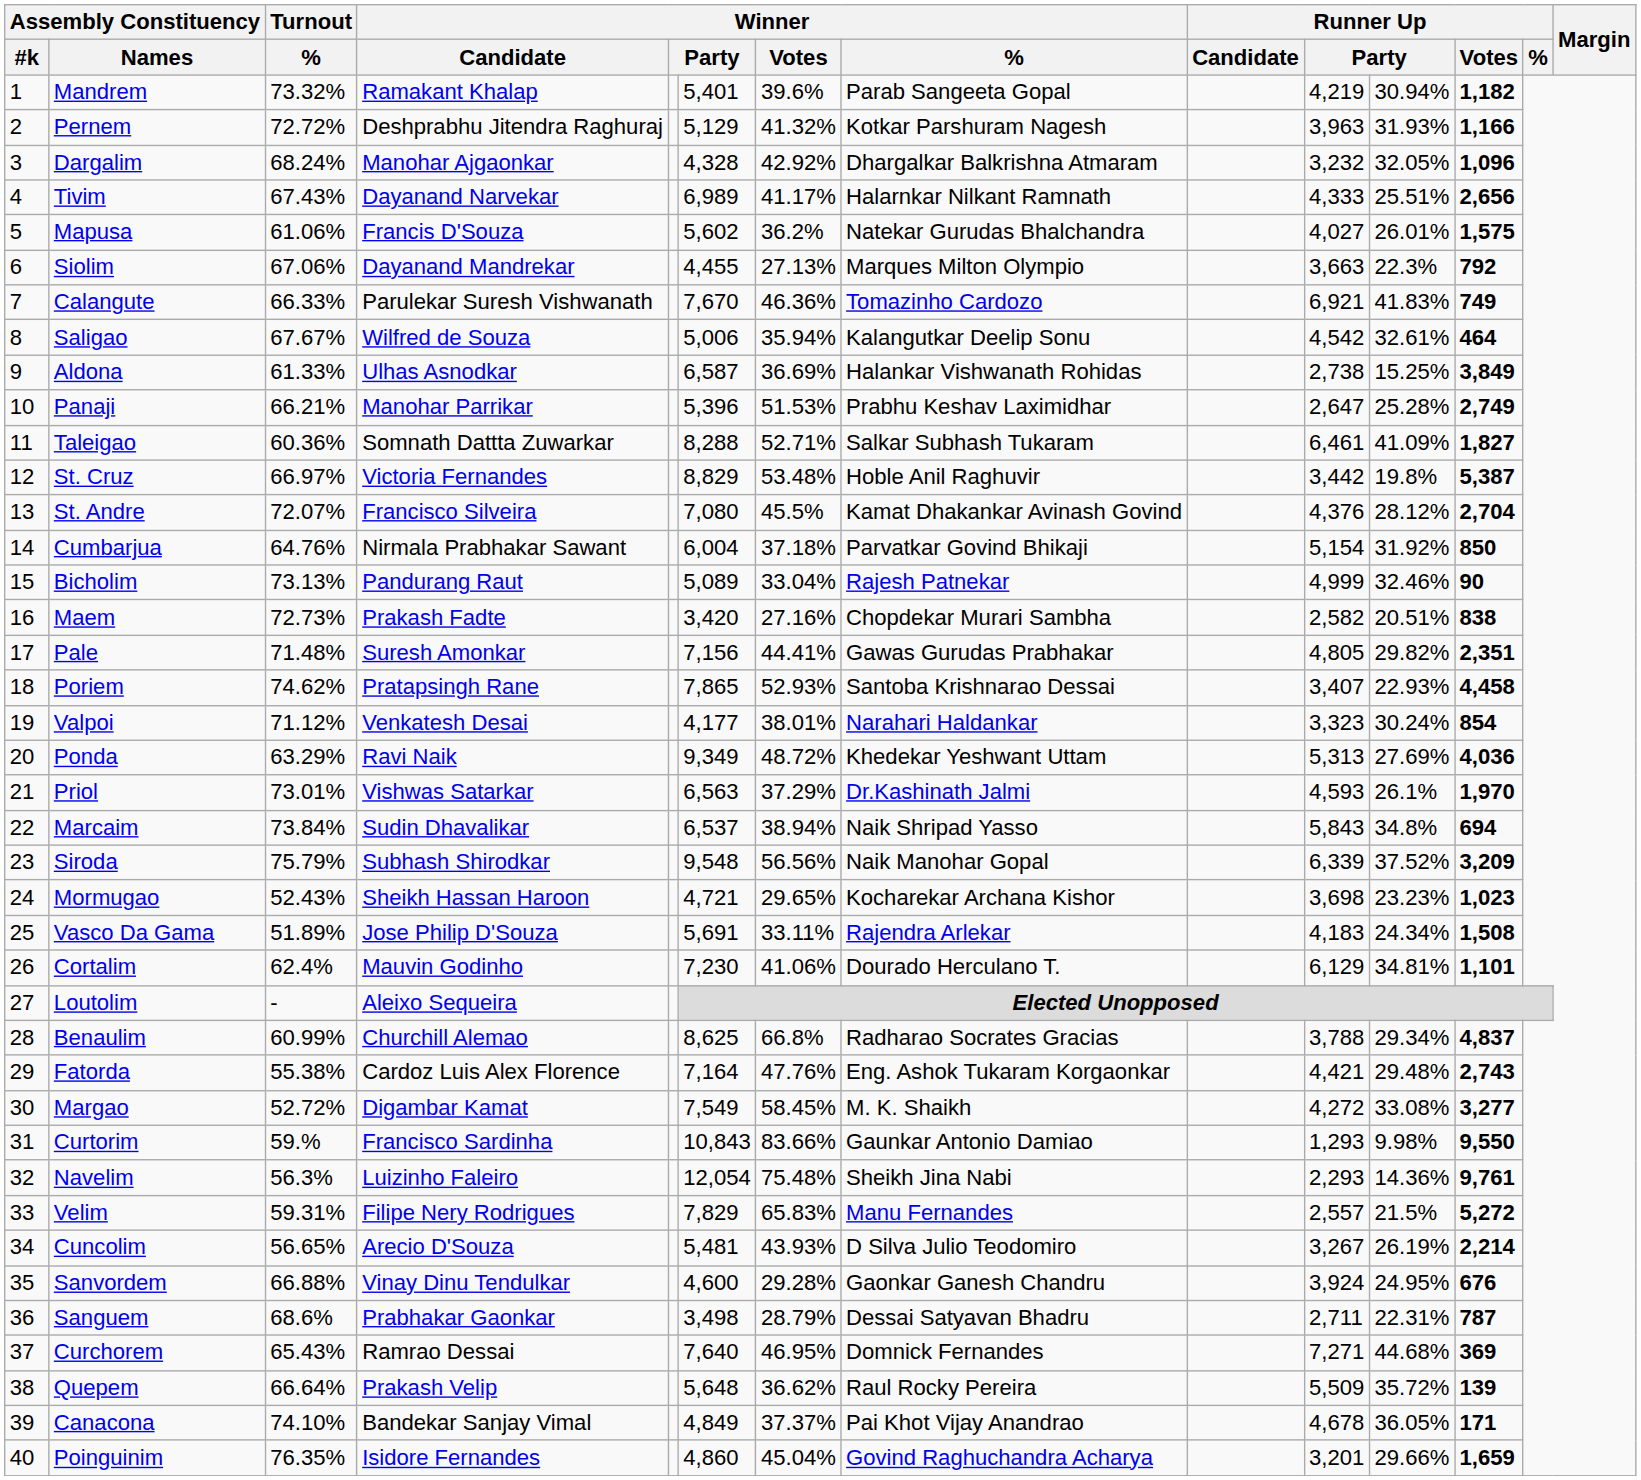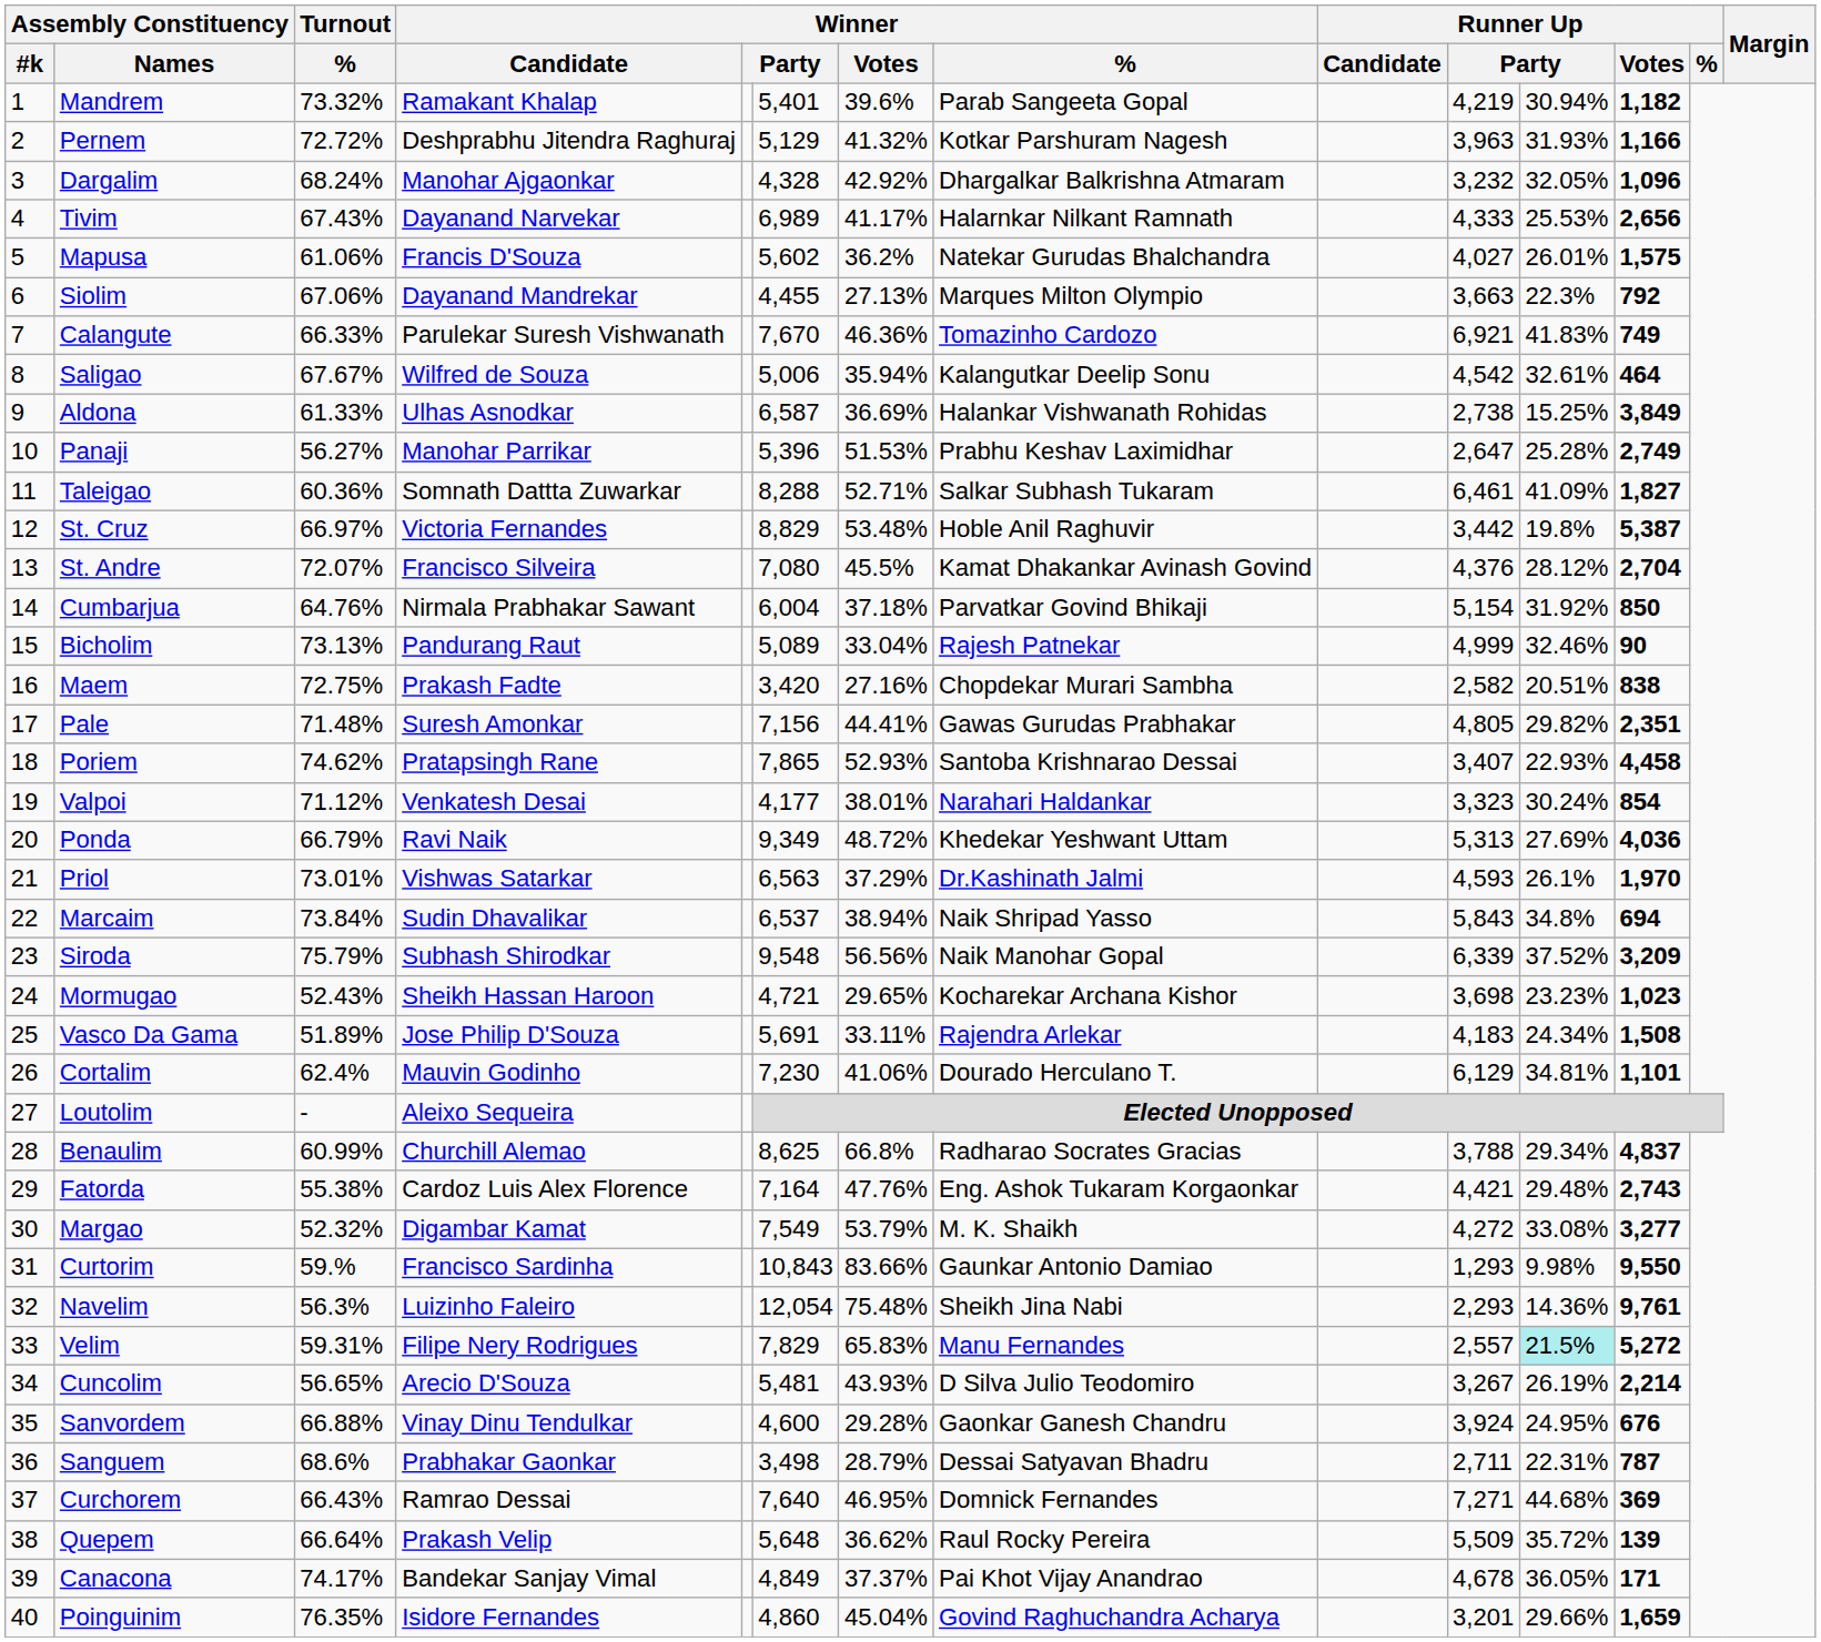 <table class="wikitable sortable">
 <tr>
 <th colspan="2">Assembly Constituency</th>
 <th>Turnout</th>
 <th colspan="5">Winner</th>
 <th colspan="5">Runner Up</th>
 <th rowspan="2" data-sort-type=number>Margin</th>
 </tr>
 <tr>
 <th>#k</th>
 <th>Names</th>
 <th>%</th>
 <th>Candidate</th>
 <th colspan="2">Party</th>
 <th data-sort-type=number>Votes</th>
 <th>%</th>
 <th>Candidate</th>
 <th colspan="2">Party</th>
 <th data-sort-type=number>Votes</th>
 <th>%</th>
 </tr>
 <tr>
 <td>1</td>
 <td><a href='#'>Mandrem</a></td>
 <td>73.32%</td>
 <td><a href='#'>Ramakant Khalap</a></td>
 <td></td>
 <td>5,401</td>
 <td>39.6%</td>
 <td>Parab Sangeeta Gopal</td>
 <td></td>
 <td>4,219</td>
 <td>30.94%</td>
 <td style="background:"><span><strong>1,182</strong></span></td>
 </tr>
 <tr>
 <td>2</td>
 <td><a href='#'>Pernem</a></td>
 <td>72.72%</td>
 <td>Deshprabhu Jitendra Raghuraj</td>
 <td></td>
 <td>5,129</td>
 <td>41.32%</td>
 <td>Kotkar Parshuram Nagesh</td>
 <td></td>
 <td>3,963</td>
 <td>31.93%</td>
 <td style="background:"><span><strong>1,166</strong></span></td>
 </tr>
 <tr>
 <td>3</td>
 <td><a href='#'>Dargalim</a></td>
 <td>68.24%</td>
 <td><a href='#'>Manohar Ajgaonkar</a></td>
 <td></td>
 <td>4,328</td>
 <td>42.92%</td>
 <td>Dhargalkar Balkrishna Atmaram</td>
 <td></td>
 <td>3,232</td>
 <td>32.05%</td>
 <td style="background:"><span><strong>1,096</strong></span></td>
 </tr>
 <tr>
 <td>4</td>
 <td><a href='#'>Tivim</a></td>
 <td>67.43%</td>
 <td><a href='#'>Dayanand Narvekar</a></td>
 <td></td>
 <td>6,989</td>
 <td>41.17%</td>
 <td>Halarnkar Nilkant Ramnath</td>
 <td></td>
 <td>4,333</td>
-<td>25.51%</td>
+<td>25.53%</td>
 <td style="background:"><span><strong>2,656</strong></span></td>
 </tr>
 <tr>
 <td>5</td>
 <td><a href='#'>Mapusa</a></td>
 <td>61.06%</td>
 <td><a href='#'>Francis D'Souza</a></td>
 <td></td>
 <td>5,602</td>
 <td>36.2%</td>
 <td>Natekar Gurudas Bhalchandra</td>
 <td></td>
 <td>4,027</td>
 <td>26.01%</td>
 <td style="background:"><span><strong>1,575</strong></span></td>
 </tr>
 <tr>
 <td>6</td>
 <td><a href='#'>Siolim</a></td>
 <td>67.06%</td>
 <td><a href='#'>Dayanand Mandrekar</a></td>
 <td></td>
 <td>4,455</td>
 <td>27.13%</td>
 <td>Marques Milton Olympio</td>
 <td></td>
 <td>3,663</td>
 <td>22.3%</td>
 <td style="background:"><span><strong>792</strong></span></td>
 </tr>
 <tr>
 <td>7</td>
 <td><a href='#'>Calangute</a></td>
 <td>66.33%</td>
 <td>Parulekar Suresh Vishwanath</td>
 <td></td>
 <td>7,670</td>
 <td>46.36%</td>
 <td><a href='#'>Tomazinho Cardozo</a></td>
 <td></td>
 <td>6,921</td>
 <td>41.83%</td>
 <td style="background:"><span><strong>749</strong></span></td>
 </tr>
 <tr>
 <td>8</td>
 <td><a href='#'>Saligao</a></td>
 <td>67.67%</td>
 <td><a href='#'>Wilfred de Souza</a></td>
 <td></td>
 <td>5,006</td>
 <td>35.94%</td>
 <td>Kalangutkar Deelip Sonu</td>
 <td></td>
 <td>4,542</td>
 <td>32.61%</td>
 <td style="background:"><span><strong>464</strong></span></td>
 </tr>
 <tr>
 <td>9</td>
 <td><a href='#'>Aldona</a></td>
 <td>61.33%</td>
 <td><a href='#'>Ulhas Asnodkar</a></td>
 <td></td>
 <td>6,587</td>
 <td>36.69%</td>
 <td>Halankar Vishwanath Rohidas</td>
 <td></td>
 <td>2,738</td>
 <td>15.25%</td>
 <td style="background:"><span><strong>3,849</strong></span></td>
 </tr>
 <tr>
 <td>10</td>
 <td><a href='#'>Panaji</a></td>
-<td>66.21%</td>
+<td>56.27%</td>
 <td><a href='#'>Manohar Parrikar</a></td>
 <td></td>
 <td>5,396</td>
 <td>51.53%</td>
 <td>Prabhu Keshav Laximidhar</td>
 <td></td>
 <td>2,647</td>
 <td>25.28%</td>
 <td style="background:"><span><strong>2,749</strong></span></td>
 </tr>
 <tr>
 <td>11</td>
 <td><a href='#'>Taleigao</a></td>
 <td>60.36%</td>
 <td>Somnath Dattta Zuwarkar</td>
 <td></td>
 <td>8,288</td>
 <td>52.71%</td>
 <td>Salkar Subhash Tukaram</td>
 <td></td>
 <td>6,461</td>
 <td>41.09%</td>
 <td style="background:"><span><strong>1,827</strong></span></td>
 </tr>
 <tr>
 <td>12</td>
 <td><a href='#'>St. Cruz</a></td>
 <td>66.97%</td>
 <td><a href='#'>Victoria Fernandes</a></td>
 <td></td>
 <td>8,829</td>
 <td>53.48%</td>
 <td>Hoble Anil Raghuvir</td>
 <td></td>
 <td>3,442</td>
 <td>19.8%</td>
 <td style="background:"><span><strong>5,387</strong></span></td>
 </tr>
 <tr>
 <td>13</td>
 <td><a href='#'>St. Andre</a></td>
 <td>72.07%</td>
 <td><a href='#'>Francisco Silveira</a></td>
 <td></td>
 <td>7,080</td>
 <td>45.5%</td>
 <td>Kamat Dhakankar Avinash Govind</td>
 <td></td>
 <td>4,376</td>
 <td>28.12%</td>
 <td style="background:"><span><strong>2,704</strong></span></td>
 </tr>
 <tr>
 <td>14</td>
 <td><a href='#'>Cumbarjua</a></td>
 <td>64.76%</td>
 <td>Nirmala Prabhakar Sawant</td>
 <td></td>
 <td>6,004</td>
 <td>37.18%</td>
 <td>Parvatkar Govind Bhikaji</td>
 <td></td>
 <td>5,154</td>
 <td>31.92%</td>
 <td style="background:"><span><strong>850</strong></span></td>
 </tr>
 <tr>
 <td>15</td>
 <td><a href='#'>Bicholim</a></td>
 <td>73.13%</td>
 <td><a href='#'>Pandurang Raut</a></td>
 <td></td>
 <td>5,089</td>
 <td>33.04%</td>
 <td><a href='#'>Rajesh Patnekar</a></td>
 <td></td>
 <td>4,999</td>
 <td>32.46%</td>
 <td style="background:"><span><strong>90</strong></span></td>
 </tr>
 <tr>
 <td>16</td>
 <td><a href='#'>Maem</a></td>
-<td>72.73%</td>
+<td>72.75%</td>
 <td><a href='#'>Prakash Fadte</a></td>
 <td></td>
 <td>3,420</td>
 <td>27.16%</td>
 <td>Chopdekar Murari Sambha</td>
 <td></td>
 <td>2,582</td>
 <td>20.51%</td>
 <td style="background:"><span><strong>838</strong></span></td>
 </tr>
 <tr>
 <td>17</td>
 <td><a href='#'>Pale</a></td>
 <td>71.48%</td>
 <td><a href='#'>Suresh Amonkar</a></td>
 <td></td>
 <td>7,156</td>
 <td>44.41%</td>
 <td>Gawas Gurudas Prabhakar</td>
 <td></td>
 <td>4,805</td>
 <td>29.82%</td>
 <td style="background:"><span><strong>2,351</strong></span></td>
 </tr>
 <tr>
 <td>18</td>
 <td><a href='#'>Poriem</a></td>
 <td>74.62%</td>
 <td><a href='#'>Pratapsingh Rane</a></td>
 <td></td>
 <td>7,865</td>
 <td>52.93%</td>
 <td>Santoba Krishnarao Dessai</td>
 <td></td>
 <td>3,407</td>
 <td>22.93%</td>
 <td style="background:"><span><strong>4,458</strong></span></td>
 </tr>
 <tr>
 <td>19</td>
 <td><a href='#'>Valpoi</a></td>
 <td>71.12%</td>
 <td><a href='#'>Venkatesh Desai</a></td>
 <td></td>
 <td>4,177</td>
 <td>38.01%</td>
 <td><a href='#'>Narahari Haldankar</a></td>
 <td></td>
 <td>3,323</td>
 <td>30.24%</td>
 <td style="background:"><span><strong>854</strong></span></td>
 </tr>
 <tr>
 <td>20</td>
 <td><a href='#'>Ponda</a></td>
-<td>63.29%</td>
+<td>66.79%</td>
 <td><a href='#'>Ravi Naik</a></td>
 <td></td>
 <td>9,349</td>
 <td>48.72%</td>
 <td>Khedekar Yeshwant Uttam</td>
 <td></td>
 <td>5,313</td>
 <td>27.69%</td>
 <td style="background:"><span><strong>4,036</strong></span></td>
 </tr>
 <tr>
 <td>21</td>
 <td><a href='#'>Priol</a></td>
 <td>73.01%</td>
 <td><a href='#'>Vishwas Satarkar</a></td>
 <td></td>
 <td>6,563</td>
 <td>37.29%</td>
 <td><a href='#'>Dr.Kashinath Jalmi</a></td>
 <td></td>
 <td>4,593</td>
 <td>26.1%</td>
 <td style="background:"><span><strong>1,970</strong></span></td>
 </tr>
 <tr>
 <td>22</td>
 <td><a href='#'>Marcaim</a></td>
 <td>73.84%</td>
 <td><a href='#'>Sudin Dhavalikar</a></td>
 <td></td>
 <td>6,537</td>
 <td>38.94%</td>
 <td>Naik Shripad Yasso</td>
 <td></td>
 <td>5,843</td>
 <td>34.8%</td>
 <td style="background:"><span><strong>694</strong></span></td>
 </tr>
 <tr>
 <td>23</td>
 <td><a href='#'>Siroda</a></td>
 <td>75.79%</td>
 <td><a href='#'>Subhash Shirodkar</a></td>
 <td></td>
 <td>9,548</td>
 <td>56.56%</td>
 <td>Naik Manohar Gopal</td>
 <td></td>
 <td>6,339</td>
 <td>37.52%</td>
 <td style="background:"><span><strong>3,209</strong></span></td>
 </tr>
 <tr>
 <td>24</td>
 <td><a href='#'>Mormugao</a></td>
 <td>52.43%</td>
 <td><a href='#'>Sheikh Hassan Haroon</a></td>
 <td></td>
 <td>4,721</td>
 <td>29.65%</td>
 <td>Kocharekar Archana Kishor</td>
 <td></td>
 <td>3,698</td>
 <td>23.23%</td>
 <td style="background:"><span><strong>1,023</strong></span></td>
 </tr>
 <tr>
 <td>25</td>
 <td><a href='#'>Vasco Da Gama</a></td>
 <td>51.89%</td>
 <td><a href='#'>Jose Philip D'Souza</a></td>
 <td></td>
 <td>5,691</td>
 <td>33.11%</td>
 <td><a href='#'>Rajendra Arlekar</a></td>
 <td></td>
 <td>4,183</td>
 <td>24.34%</td>
 <td style="background:"><span><strong>1,508</strong></span></td>
 </tr>
 <tr>
 <td>26</td>
 <td><a href='#'>Cortalim</a></td>
 <td>62.4%</td>
 <td><a href='#'>Mauvin Godinho</a></td>
 <td></td>
 <td>7,230</td>
 <td>41.06%</td>
 <td>Dourado Herculano T.</td>
 <td></td>
 <td>6,129</td>
 <td>34.81%</td>
 <td style="background:"><span><strong>1,101</strong></span></td>
 </tr>
 <tr>
 <td>27</td>
 <td><a href='#'>Loutolim</a></td>
 <td>-</td>
 <td><a href='#'>Aleixo Sequeira</a></td>
 <td></td>
 <td colspan=8 style="background:#dcdcdc; text-align:center;"><b><em>Elected Unopposed</em></b></td>
 </tr>
 <tr>
 <td>28</td>
 <td><a href='#'>Benaulim</a></td>
 <td>60.99%</td>
 <td><a href='#'>Churchill Alemao</a></td>
 <td></td>
 <td>8,625</td>
 <td>66.8%</td>
 <td>Radharao Socrates Gracias</td>
 <td></td>
 <td>3,788</td>
 <td>29.34%</td>
 <td style="background:"><span><strong>4,837</strong></span></td>
 </tr>
 <tr>
 <td>29</td>
 <td><a href='#'>Fatorda</a></td>
 <td>55.38%</td>
 <td>Cardoz Luis Alex Florence</td>
 <td></td>
 <td>7,164</td>
 <td>47.76%</td>
 <td>Eng. Ashok Tukaram Korgaonkar</td>
 <td></td>
 <td>4,421</td>
 <td>29.48%</td>
 <td style="background:"><span><strong>2,743</strong></span></td>
 </tr>
 <tr>
 <td>30</td>
 <td><a href='#'>Margao</a></td>
-<td>52.72%</td>
+<td>52.32%</td>
 <td><a href='#'>Digambar Kamat</a></td>
 <td></td>
 <td>7,549</td>
-<td>58.45%</td>
+<td>53.79%</td>
 <td>M. K. Shaikh</td>
 <td></td>
 <td>4,272</td>
 <td>33.08%</td>
 <td style="background:"><span><strong>3,277</strong></span></td>
 </tr>
 <tr>
 <td>31</td>
 <td><a href='#'>Curtorim</a></td>
 <td>59.%</td>
 <td><a href='#'>Francisco Sardinha</a></td>
 <td></td>
 <td>10,843</td>
 <td>83.66%</td>
 <td>Gaunkar Antonio Damiao</td>
 <td></td>
 <td>1,293</td>
 <td>9.98%</td>
 <td style="background:"><span><strong>9,550</strong></span></td>
 </tr>
 <tr>
 <td>32</td>
 <td><a href='#'>Navelim</a></td>
 <td>56.3%</td>
 <td><a href='#'>Luizinho Faleiro</a></td>
 <td></td>
 <td>12,054</td>
 <td>75.48%</td>
 <td>Sheikh Jina Nabi</td>
 <td></td>
 <td>2,293</td>
 <td>14.36%</td>
 <td style="background:"><span><strong>9,761</strong></span></td>
 </tr>
 <tr>
 <td>33</td>
 <td><a href='#'>Velim</a></td>
 <td>59.31%</td>
 <td><a href='#'>Filipe Nery Rodrigues</a></td>
 <td></td>
 <td>7,829</td>
 <td>65.83%</td>
 <td><a href='#'>Manu Fernandes</a></td>
 <td></td>
 <td>2,557</td>
-<td>21.5%</td>
+<td style="background: paleturquoise;">21.5%</td>
 <td style="background:"><span><strong>5,272</strong></span></td>
 </tr>
 <tr>
 <td>34</td>
 <td><a href='#'>Cuncolim</a></td>
 <td>56.65%</td>
 <td><a href='#'>Arecio D'Souza</a></td>
 <td></td>
 <td>5,481</td>
 <td>43.93%</td>
 <td>D Silva Julio Teodomiro</td>
 <td></td>
 <td>3,267</td>
 <td>26.19%</td>
 <td style="background:"><span><strong>2,214</strong></span></td>
 </tr>
 <tr>
 <td>35</td>
 <td><a href='#'>Sanvordem</a></td>
 <td>66.88%</td>
 <td><a href='#'>Vinay Dinu Tendulkar</a></td>
 <td></td>
 <td>4,600</td>
 <td>29.28%</td>
 <td>Gaonkar Ganesh Chandru</td>
 <td></td>
 <td>3,924</td>
 <td>24.95%</td>
 <td style="background:"><span><strong>676</strong></span></td>
 </tr>
 <tr>
 <td>36</td>
 <td><a href='#'>Sanguem</a></td>
 <td>68.6%</td>
 <td><a href='#'>Prabhakar Gaonkar</a></td>
 <td></td>
 <td>3,498</td>
 <td>28.79%</td>
 <td>Dessai Satyavan Bhadru</td>
 <td></td>
 <td>2,711</td>
 <td>22.31%</td>
 <td style="background:"><span><strong>787</strong></span></td>
 </tr>
 <tr>
 <td>37</td>
 <td><a href='#'>Curchorem</a></td>
-<td>65.43%</td>
+<td>66.43%</td>
 <td>Ramrao Dessai</td>
 <td></td>
 <td>7,640</td>
 <td>46.95%</td>
 <td>Domnick Fernandes</td>
 <td></td>
 <td>7,271</td>
 <td>44.68%</td>
 <td style="background:"><span><strong>369</strong></span></td>
 </tr>
 <tr>
 <td>38</td>
 <td><a href='#'>Quepem</a></td>
 <td>66.64%</td>
 <td><a href='#'>Prakash Velip</a></td>
 <td></td>
 <td>5,648</td>
 <td>36.62%</td>
 <td>Raul Rocky Pereira</td>
 <td></td>
 <td>5,509</td>
 <td>35.72%</td>
 <td style="background:"><span><strong>139</strong></span></td>
 </tr>
 <tr>
 <td>39</td>
 <td><a href='#'>Canacona</a></td>
-<td>74.10%</td>
+<td>74.17%</td>
 <td>Bandekar Sanjay Vimal</td>
 <td></td>
 <td>4,849</td>
 <td>37.37%</td>
 <td>Pai Khot Vijay Anandrao</td>
 <td></td>
 <td>4,678</td>
 <td>36.05%</td>
 <td style="background:"><span><strong>171</strong></span></td>
 </tr>
 <tr>
 <td>40</td>
 <td><a href='#'>Poinguinim</a></td>
 <td>76.35%</td>
 <td><a href='#'>Isidore Fernandes</a></td>
 <td></td>
 <td>4,860</td>
 <td>45.04%</td>
 <td><a href='#'>Govind Raghuchandra Acharya</a></td>
 <td></td>
 <td>3,201</td>
 <td>29.66%</td>
 <td style="background:"><span><strong>1,659</strong></span></td>
 </tr>
 </table>
